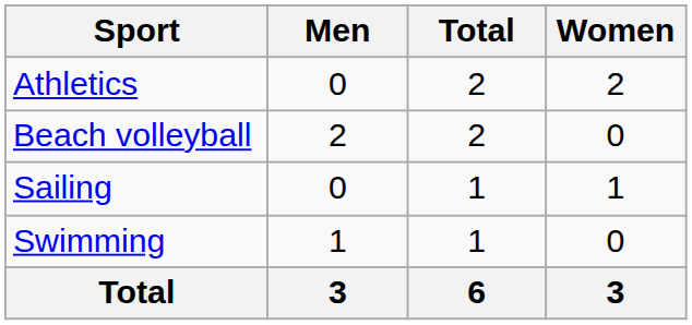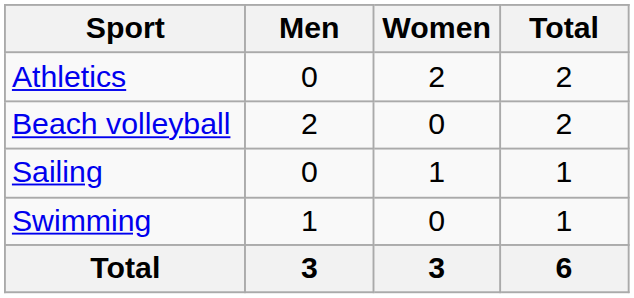 <table class="wikitable sortable" style="text-align:center;">
 <tr>
 <th width=120>Sport</th>
 <th width=60>Men</th>
+<th width=60>Women</th>
 <th width=60>Total</th>
-<th width=60>Women</th>
 </tr>
 <tr>
 <td align=left><a href='#'>Athletics</a></td>
 <td>0</td>
 <td>2</td>
 <td>2</td>
 </tr>
 <tr>
 <td align=left><a href='#'>Beach volleyball</a></td>
 <td>2</td>
+<td>0</td>
 <td>2</td>
-<td>0</td>
 </tr>
 <tr>
 <td align=left><a href='#'>Sailing</a></td>
 <td>0</td>
 <td>1</td>
 <td>1</td>
 </tr>
 <tr>
 <td align=left><a href='#'>Swimming</a></td>
 <td>1</td>
+<td>0</td>
 <td>1</td>
-<td>0</td>
 </tr>
 <tr>
 <th>Total</th>
 <th>3</th>
+<th>3</th>
 <th>6</th>
-<th>3</th>
 </tr>
 </table>
